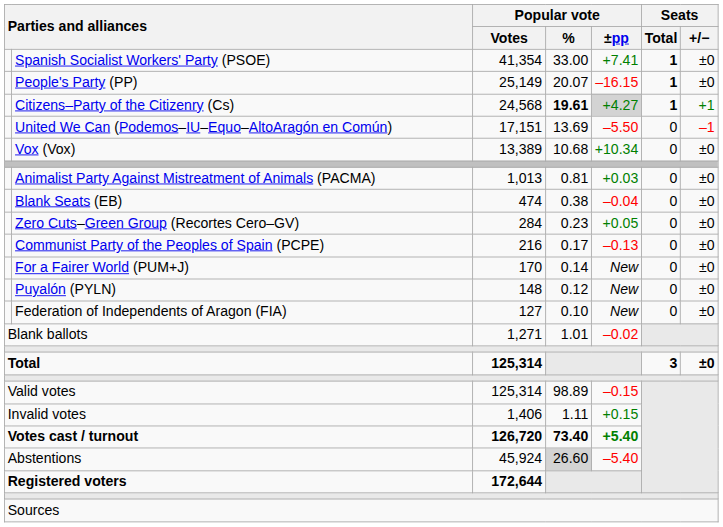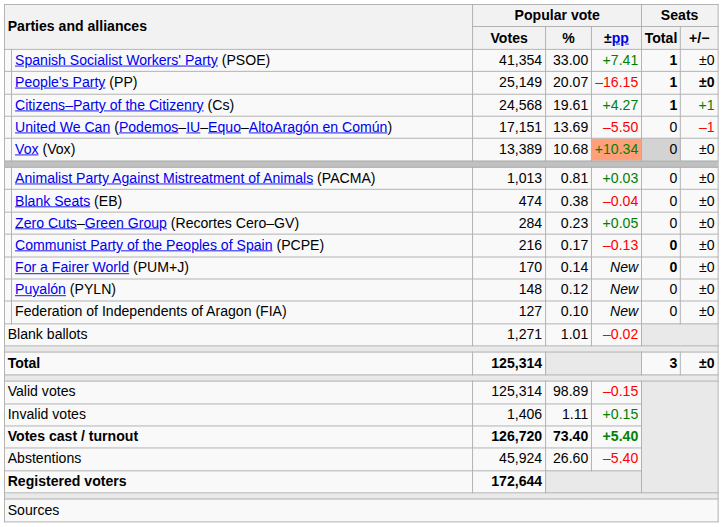 <table class="wikitable" style="text-align:right;">
 <tr>
 <th style="text-align:left;" rowspan="2" colspan="2" width="525">Parties and alliances</th>
 <th colspan="3">Popular vote</th>
 <th colspan="2">Seats</th>
 </tr>
 <tr>
 <th width="75">Votes</th>
 <th width="45">%</th>
 <th width="45">±<a href='#'>pp</a></th>
 <th width="35">Total</th>
 <th width="35">+/−</th>
 </tr>
 <tr>
 <td width="1" style="color:inherit;background:"></td>
 <td align="left"><a href='#'>Spanish Socialist Workers' Party</a> (PSOE)</td>
 <td>41,354</td>
 <td>33.00</td>
 <td style="color:green;">+7.41</td>
 <td><strong>1</strong></td>
 <td>±0</td>
 </tr>
 <tr>
 <td style="color:inherit;background:"></td>
 <td align="left"><a href='#'>People's Party</a> (PP)</td>
 <td>25,149</td>
 <td>20.07</td>
 <td style="color:red;">–16.15</td>
 <td><strong>1</strong></td>
-<td>±0</td>
+<td><strong>±0</strong></td>
 </tr>
 <tr>
 <td style="color:inherit;background:"></td>
 <td align="left"><a href='#'>Citizens–Party of the Citizenry</a> (Cs)</td>
 <td>24,568</td>
-<td><strong>19.61</strong></td>
-<td style="background: lightgrey; color:green;">+4.27</td>
+<td>19.61</td>
+<td style="color:green;">+4.27</td>
 <td><strong>1</strong></td>
 <td style="color:green;">+1</td>
 </tr>
 <tr>
 <td style="color:inherit;background:"></td>
 <td align="left"><a href='#'>United We Can</a> (<a href='#'>Podemos</a>–<a href='#'>IU</a>–<a href='#'>Equo</a>–<a href='#'>AltoAragón en Común</a>)</td>
 <td>17,151</td>
 <td>13.69</td>
 <td style="color:red;">–5.50</td>
 <td>0</td>
 <td style="color:red;">–1</td>
 </tr>
 <tr>
 <td style="color:inherit;background:"></td>
 <td align="left"><a href='#'>Vox</a> (Vox)</td>
 <td>13,389</td>
 <td>10.68</td>
-<td style="color:green;">+10.34</td>
-<td>0</td>
+<td style="background: lightsalmon; color:green;">+10.34</td>
+<td style="background: lightgrey;">0</td>
 <td>±0</td>
 </tr>
 <tr>
 <td colspan="7" bgcolor="#C0C0C0"></td>
 </tr>
 <tr>
 <td style="color:inherit;background:"></td>
 <td align="left"><a href='#'>Animalist Party Against Mistreatment of Animals</a> (PACMA)</td>
 <td>1,013</td>
 <td>0.81</td>
 <td style="color:green;">+0.03</td>
 <td>0</td>
 <td>±0</td>
 </tr>
 <tr>
 <td style="color:inherit;background:"></td>
 <td align="left"><a href='#'>Blank Seats</a> (EB)</td>
 <td>474</td>
 <td>0.38</td>
 <td style="color:red;">–0.04</td>
 <td>0</td>
 <td>±0</td>
 </tr>
 <tr>
 <td style="color:inherit;background:"></td>
 <td align="left"><a href='#'>Zero Cuts</a>–<a href='#'>Green Group</a> (Recortes Cero–GV)</td>
 <td>284</td>
 <td>0.23</td>
 <td style="color:green;">+0.05</td>
 <td>0</td>
 <td>±0</td>
 </tr>
 <tr>
 <td style="color:inherit;background:"></td>
 <td align="left"><a href='#'>Communist Party of the Peoples of Spain</a> (PCPE)</td>
 <td>216</td>
 <td>0.17</td>
 <td style="color:red;">–0.13</td>
-<td>0</td>
+<td><strong>0</strong></td>
 <td>±0</td>
 </tr>
 <tr>
 <td style="color:inherit;background:"></td>
 <td align="left"><a href='#'>For a Fairer World</a> (PUM+J)</td>
 <td>170</td>
 <td>0.14</td>
 <td><em>New</em></td>
-<td>0</td>
+<td><strong>0</strong></td>
 <td>±0</td>
 </tr>
 <tr>
 <td style="color:inherit;background:"></td>
 <td align="left"><a href='#'>Puyalón</a> (PYLN)</td>
 <td>148</td>
 <td>0.12</td>
 <td><em>New</em></td>
 <td>0</td>
 <td>±0</td>
 </tr>
 <tr>
 <td style="color:inherit;background:"></td>
 <td align="left">Federation of Independents of Aragon (FIA)</td>
 <td>127</td>
 <td>0.10</td>
 <td><em>New</em></td>
 <td>0</td>
 <td>±0</td>
 </tr>
 <tr>
 <td align="left" colspan="2">Blank ballots</td>
 <td>1,271</td>
 <td>1.01</td>
 <td style="color:red;">–0.02</td>
 <td bgcolor="#E9E9E9" colspan="2"></td>
 </tr>
 <tr>
 <td colspan="7" bgcolor="#E9E9E9"></td>
 </tr>
 <tr style="font-weight:bold;">
 <td align="left" colspan="2">Total</td>
 <td>125,314</td>
 <td bgcolor="#E9E9E9" colspan="2"></td>
 <td>3</td>
 <td>±0</td>
 </tr>
 <tr>
 <td colspan="7" bgcolor="#E9E9E9"></td>
 </tr>
 <tr>
 <td align="left" colspan="2">Valid votes</td>
 <td>125,314</td>
 <td>98.89</td>
 <td style="color:red;">–0.15</td>
 <td bgcolor="#E9E9E9" colspan="2" rowspan="5"></td>
 </tr>
 <tr>
 <td align="left" colspan="2">Invalid votes</td>
 <td>1,406</td>
 <td>1.11</td>
 <td style="color:green;">+0.15</td>
 </tr>
 <tr style="font-weight:bold;">
 <td align="left" colspan="2">Votes cast / turnout</td>
 <td>126,720</td>
 <td>73.40</td>
 <td style="color:green;">+5.40</td>
 </tr>
 <tr>
 <td align="left" colspan="2">Abstentions</td>
 <td>45,924</td>
-<td style="background: lightgrey;">26.60</td>
+<td>26.60</td>
 <td style="color:red;">–5.40</td>
 </tr>
 <tr style="font-weight:bold;">
 <td align="left" colspan="2">Registered voters</td>
 <td>172,644</td>
 <td bgcolor="#E9E9E9" colspan="2"></td>
 </tr>
 <tr>
 <td colspan="7" bgcolor="#E9E9E9"></td>
 </tr>
 <tr>
 <td align="left" colspan="7">Sources</td>
 </tr>
 </table>
